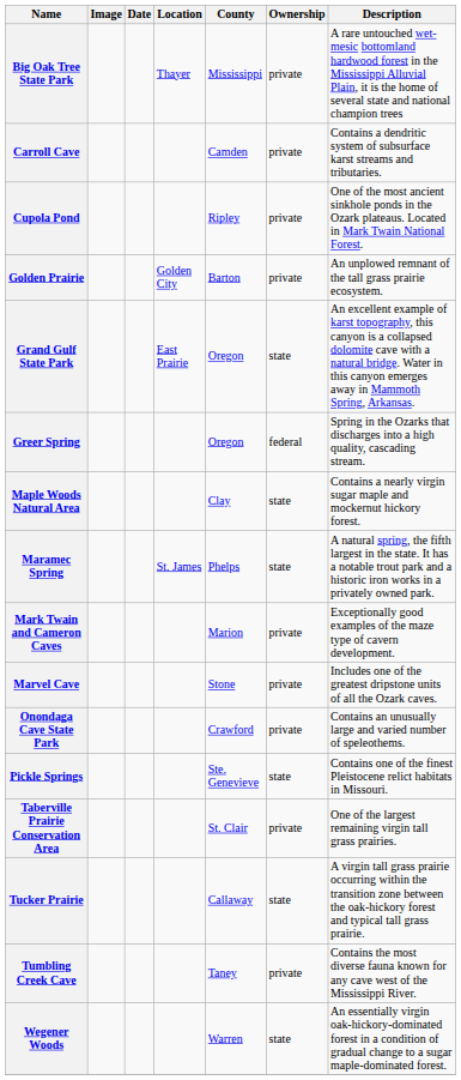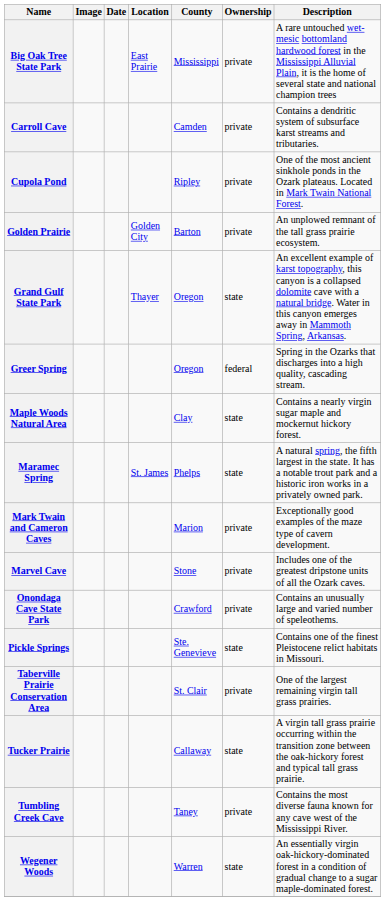 <table class="wikitable sortable" align="center">
 <tr>
 <th style="background-color:">Name</th>
 <th style="background-color:">Image</th>
 <th style="background-color:">Date</th>
 <th style="background-color:">Location</th>
 <th style="background-color:">County</th>
 <th style="background-color:">Ownership</th>
 <th style="background-color:">Description</th>
 </tr>
 <tr>
 <th><a href='#'>Big Oak Tree State Park</a></th>
 <td></td>
 <td></td>
-<td><a href='#'>Thayer</a> <small></small></td>
+<td><a href='#'>East Prairie</a> <small></small></td>
 <td><a href='#'>Mississippi</a></td>
 <td>private</td>
 <td>A rare untouched <a href='#'>wet-mesic</a> <a href='#'>bottomland hardwood forest</a> in the <a href='#'>Mississippi Alluvial Plain</a>, it is the home of several state and national champion trees</td>
 </tr>
 <tr>
 <th><a href='#'>Carroll Cave</a></th>
 <td></td>
 <td></td>
 <td></td>
 <td><a href='#'>Camden</a></td>
 <td>private</td>
 <td>Contains a dendritic system of subsurface karst streams and tributaries.</td>
 </tr>
 <tr>
 <th><a href='#'>Cupola Pond</a></th>
 <td></td>
 <td></td>
 <td></td>
 <td><a href='#'>Ripley</a></td>
 <td>private</td>
 <td>One of the most ancient sinkhole ponds in the Ozark plateaus. Located in <a href='#'>Mark Twain National Forest</a>.</td>
 </tr>
 <tr>
 <th><a href='#'>Golden Prairie</a></th>
 <td></td>
 <td></td>
 <td><a href='#'>Golden City</a> <small></small></td>
 <td><a href='#'>Barton</a></td>
 <td>private</td>
 <td>An unplowed remnant of the tall grass prairie ecosystem.</td>
 </tr>
 <tr>
 <th><a href='#'>Grand Gulf State Park</a></th>
 <td></td>
 <td></td>
-<td><a href='#'>East Prairie</a> <small></small></td>
+<td><a href='#'>Thayer</a> <small></small></td>
 <td><a href='#'>Oregon</a></td>
 <td>state</td>
 <td>An excellent example of <a href='#'>karst topography</a>, this canyon is a collapsed <a href='#'>dolomite</a> cave with a  <a href='#'>natural bridge</a>.  Water in this canyon emerges  away in <a href='#'>Mammoth Spring</a>, <a href='#'>Arkansas</a>.</td>
 </tr>
 <tr>
 <th><a href='#'>Greer Spring</a></th>
 <td></td>
 <td></td>
 <td></td>
 <td><a href='#'>Oregon</a></td>
 <td>federal</td>
 <td>Spring in the Ozarks that discharges into a high quality, cascading stream.</td>
 </tr>
 <tr>
 <th><a href='#'>Maple Woods Natural Area</a></th>
 <td></td>
 <td></td>
 <td></td>
 <td><a href='#'>Clay</a></td>
 <td>state</td>
 <td>Contains a nearly virgin sugar maple and mockernut hickory forest.</td>
 </tr>
 <tr>
 <th><a href='#'>Maramec Spring</a></th>
 <td></td>
 <td></td>
 <td><a href='#'>St. James</a> <small></small></td>
 <td><a href='#'>Phelps</a></td>
 <td>state</td>
 <td>A natural <a href='#'>spring</a>, the fifth largest in the state.  It has a notable trout park and a historic iron works in a privately owned park.</td>
 </tr>
 <tr>
 <th><a href='#'>Mark Twain and Cameron Caves</a></th>
 <td></td>
 <td></td>
 <td></td>
 <td><a href='#'>Marion</a></td>
 <td>private</td>
 <td>Exceptionally good examples of the maze type of cavern development.</td>
 </tr>
 <tr>
 <th><a href='#'>Marvel Cave</a></th>
 <td></td>
 <td></td>
 <td></td>
 <td><a href='#'>Stone</a></td>
 <td>private</td>
 <td>Includes one of the greatest dripstone units of all the Ozark caves.</td>
 </tr>
 <tr>
 <th><a href='#'>Onondaga Cave State Park</a></th>
 <td></td>
 <td></td>
 <td></td>
 <td><a href='#'>Crawford</a></td>
 <td>private</td>
 <td>Contains an unusually large and varied number of speleothems.</td>
 </tr>
 <tr>
 <th><a href='#'>Pickle Springs</a></th>
 <td></td>
 <td></td>
 <td></td>
 <td><a href='#'>Ste. Genevieve</a></td>
 <td>state</td>
 <td>Contains one of the finest Pleistocene relict habitats in Missouri.</td>
 </tr>
 <tr>
 <th><a href='#'>Taberville Prairie Conservation Area</a></th>
 <td></td>
 <td></td>
 <td></td>
 <td><a href='#'>St. Clair</a></td>
 <td>private</td>
 <td>One of the largest remaining virgin tall grass prairies.</td>
 </tr>
 <tr>
 <th><a href='#'>Tucker Prairie</a></th>
 <td></td>
 <td></td>
 <td></td>
 <td><a href='#'>Callaway</a></td>
 <td>state</td>
 <td>A virgin tall grass prairie occurring within the transition zone between the oak-hickory forest and typical tall grass prairie.</td>
 </tr>
 <tr>
 <th><a href='#'>Tumbling Creek Cave</a></th>
 <td></td>
 <td></td>
 <td></td>
 <td><a href='#'>Taney</a></td>
 <td>private</td>
 <td>Contains the most diverse fauna known for any cave west of the Mississippi River.</td>
 </tr>
 <tr>
 <th><a href='#'>Wegener Woods</a></th>
 <td></td>
 <td></td>
 <td></td>
 <td><a href='#'>Warren</a></td>
 <td>state</td>
 <td>An essentially virgin oak-hickory-dominated forest in a condition of gradual change to a sugar maple-dominated forest.</td>
 </tr>
 <tr>
 </tr>
 </table>
